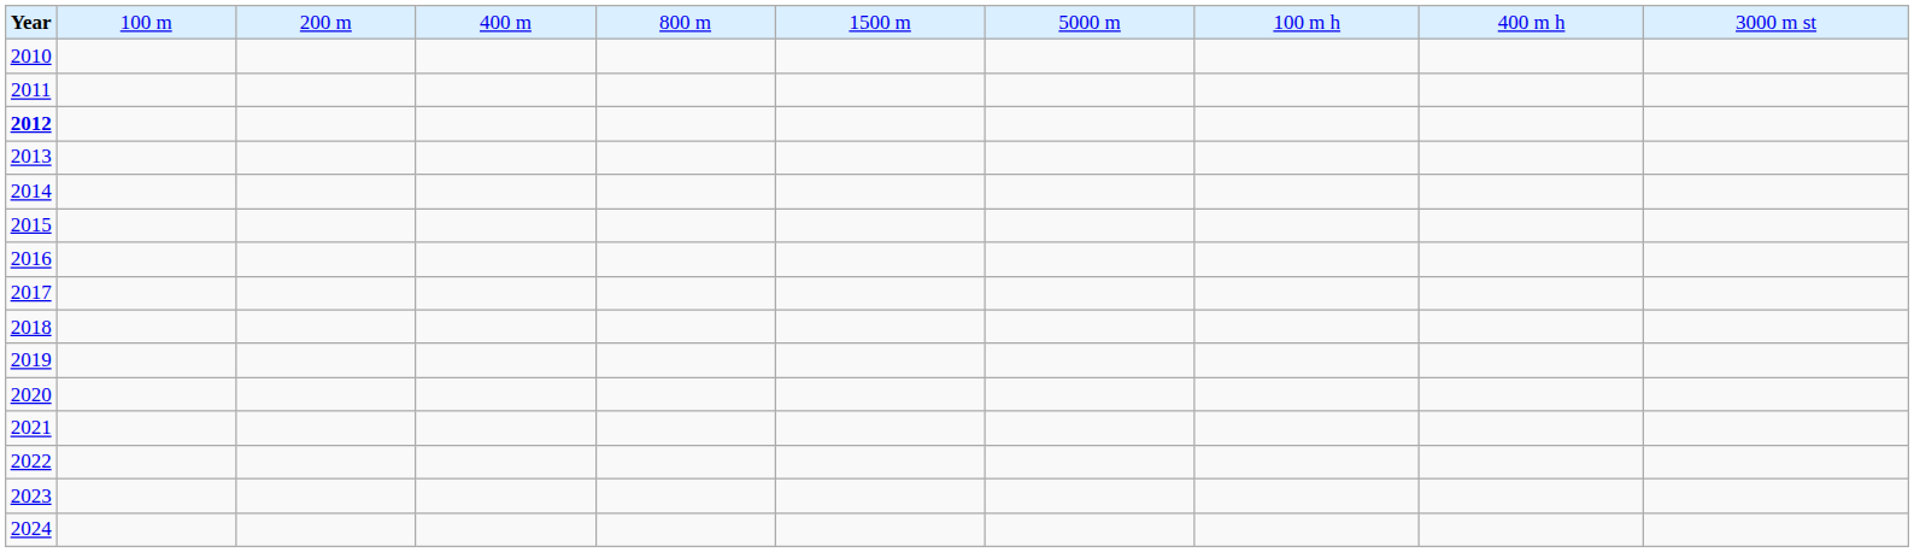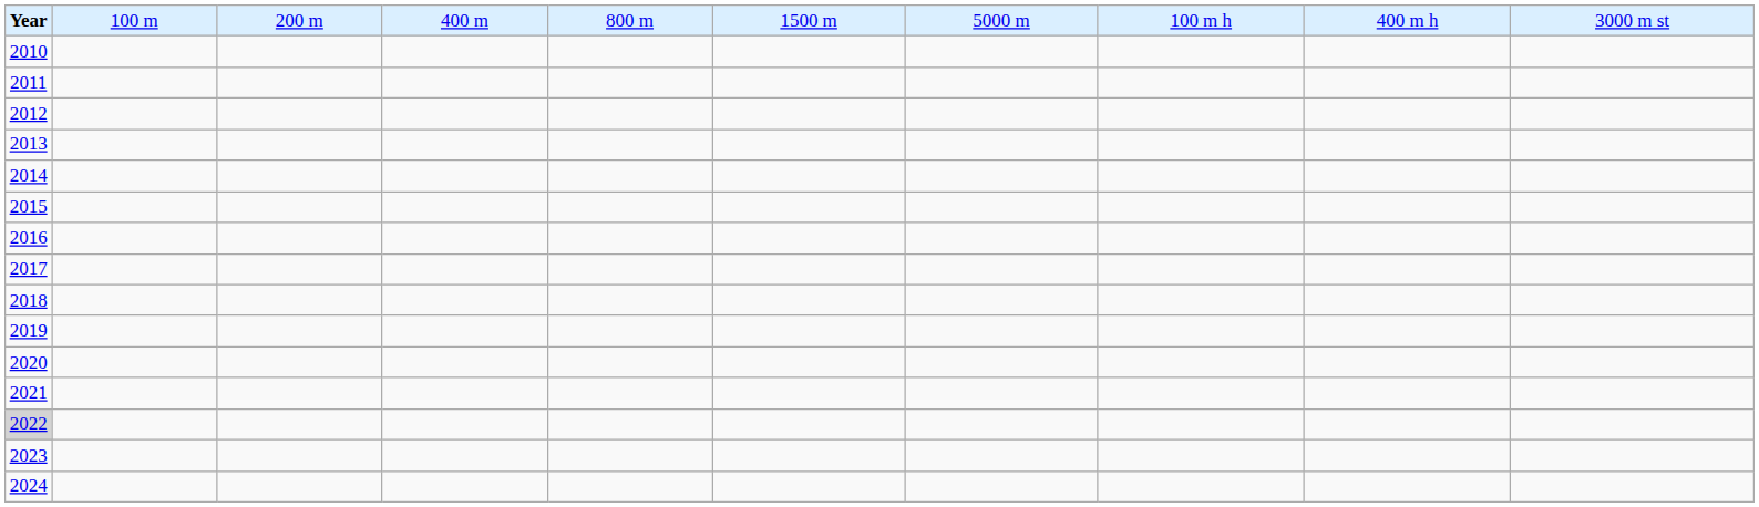 <table class="wikitable" style="font-size:85%; text-align:center;" width="100%">
 <tr style="text-align:center;background-color:#DAEFFF">
 <td width=25px><strong>Year</strong></td>
 <td><a href='#'>100 m</a></td>
 <td><a href='#'>200 m</a></td>
 <td><a href='#'>400 m</a></td>
 <td><a href='#'>800 m</a></td>
 <td><a href='#'>1500 m</a></td>
 <td><a href='#'>5000 m</a></td>
 <td><a href='#'>100 m h</a></td>
 <td><a href='#'>400 m h</a></td>
 <td><a href='#'>3000 m st</a></td>
 </tr>
 <tr>
 <td><a href='#'>2010</a></td>
 <td> </td>
 <td> </td>
 <td></td>
 <td></td>
 <td></td>
 <td> </td>
 <td></td>
 <td> </td>
 <td> </td>
 </tr>
 <tr>
 <td><a href='#'>2011</a></td>
 <td> </td>
 <td></td>
 <td> </td>
 <td></td>
 <td></td>
 <td> </td>
 <td></td>
 <td> </td>
 <td> </td>
 </tr>
 <tr>
-<td><strong><a href='#'>2012</a></strong></td>
+<td><a href='#'>2012</a></td>
 <td> </td>
 <td></td>
 <td> </td>
 <td></td>
 <td> </td>
 <td> </td>
 <td> </td>
 <td> </td>
 <td> </td>
 </tr>
 <tr>
 <td><a href='#'>2013</a></td>
 <td> </td>
 <td></td>
 <td> </td>
 <td> </td>
 <td> </td>
 <td></td>
 <td> </td>
 <td> </td>
 <td> </td>
 </tr>
 <tr>
 <td><a href='#'>2014</a></td>
 <td></td>
 <td> </td>
 <td></td>
 <td> </td>
 <td></td>
 <td></td>
 <td> </td>
 <td> </td>
 <td></td>
 </tr>
 <tr>
 <td><a href='#'>2015</a></td>
 <td> </td>
 <td> </td>
 <td></td>
 <td> </td>
 <td> </td>
 <td></td>
 <td> </td>
 <td> </td>
 <td></td>
 </tr>
 <tr>
 <td><a href='#'>2016</a></td>
 <td> </td>
 <td></td>
 <td></td>
 <td> </td>
 <td>  </td>
 <td></td>
 <td></td>
 <td></td>
 <td> </td>
 </tr>
 <tr>
 <td><a href='#'>2017</a></td>
 <td> </td>
 <td> </td>
 <td></td>
 <td> </td>
 <td> </td>
 <td> </td>
 <td></td>
 <td> </td>
 <td> </td>
 </tr>
 <tr>
 <td><a href='#'>2018</a></td>
 <td></td>
 <td> </td>
 <td> </td>
 <td> </td>
 <td> </td>
 <td> </td>
 <td></td>
 <td> </td>
 <td> </td>
 </tr>
 <tr>
 <td><a href='#'>2019</a></td>
 <td></td>
 <td> </td>
 <td> </td>
 <td></td>
 <td> </td>
 <td></td>
 <td></td>
 <td></td>
 <td> </td>
 </tr>
 <tr>
 <td><a href='#'>2020</a></td>
 <td></td>
 <td></td>
 <td></td>
 <td></td>
 <td></td>
 <td></td>
 <td></td>
 <td></td>
 <td></td>
 </tr>
 <tr>
 <td><a href='#'>2021</a></td>
 <td> </td>
 <td></td>
 <td></td>
 <td> </td>
 <td> </td>
 <td></td>
 <td> </td>
 <td> </td>
 <td></td>
 </tr>
 <tr>
-<td><a href='#'>2022</a></td>
+<td style="background: lightgrey;"><a href='#'>2022</a></td>
 <td> </td>
 <td> </td>
 <td> </td>
 <td> </td>
 <td> </td>
 <td> </td>
 <td> </td>
 <td> </td>
 <td></td>
 </tr>
 <tr>
 <td><a href='#'>2023</a></td>
 <td></td>
 <td> </td>
 <td> </td>
 <td> </td>
 <td> </td>
 <td></td>
 <td> </td>
 <td> </td>
 <td></td>
 </tr>
 <tr>
 <td><a href='#'>2024</a></td>
 <td></td>
 <td></td>
 <td> </td>
 <td> </td>
 <td> </td>
 <td> </td>
 <td></td>
 <td> </td>
 <td></td>
 </tr>
 </table>
